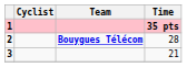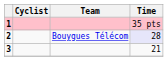 <table class="wikitable">
 <tr>
 <th></th>
 <th>Cyclist</th>
 <th>Team</th>
 <th>Time</th>
 </tr>
 <tr style="background:pink">
 <td><strong>1</strong></td>
 <td></td>
 <td></td>
-<td align="right"><strong>35 pts</strong></td>
+<td align="right">35 pts</td>
 </tr>
 <tr>
 <td><strong>2</strong></td>
 <td></td>
-<td><strong><a href='#'>Bouygues Télécom</a></strong></td>
-<td align="right">28</td>
+<td><a href='#'>Bouygues Télécom</a></td>
+<td align="right" style="background: lavender;">28</td>
 </tr>
 <tr>
 <td><strong>3</strong></td>
 <td></td>
 <td></td>
 <td align="right">21</td>
 </tr>
 <tr>
 </tr>
 </table>
